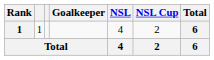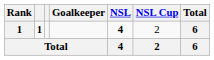 <table class="wikitable sortable" style="text-align:center">
 <tr>
 <th>Rank</th>
 <th></th>
 <th></th>
 <th>Goalkeeper</th>
 <th><a href='#'>NSL</a></th>
 <th><a href='#'>NSL Cup</a></th>
 <th>Total</th>
 </tr>
 <tr>
 <th>1</th>
-<td>1</td>
+<td><strong>1</strong></td>
 <td></td>
 <td align="left"></td>
-<td>4</td>
+<td><strong>4</strong></td>
 <td>2</td>
 <th>6</th>
 </tr>
 <tr>
 <th colspan="4">Total</th>
 <th>4</th>
 <th>2</th>
 <th>6</th>
 </tr>
 </table>
